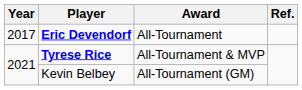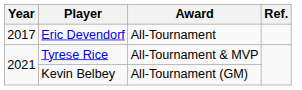 <table class="wikitable">
 <tr>
 <th>Year</th>
 <th>Player</th>
 <th>Award</th>
 <th>Ref.</th>
 </tr>
 <tr>
 <td>2017</td>
-<td><strong><a href='#'>Eric Devendorf</a></strong></td>
+<td><a href='#'>Eric Devendorf</a></td>
 <td>All-Tournament</td>
 <td></td>
 </tr>
 <tr>
 <td rowspan=2>2021</td>
-<td><strong><a href='#'>Tyrese Rice</a></strong></td>
+<td><a href='#'>Tyrese Rice</a></td>
 <td>All-Tournament & MVP</td>
 <td rowspan=2></td>
 </tr>
 <tr>
 <td>Kevin Belbey</td>
 <td>All-Tournament (GM)</td>
 </tr>
 </table>
